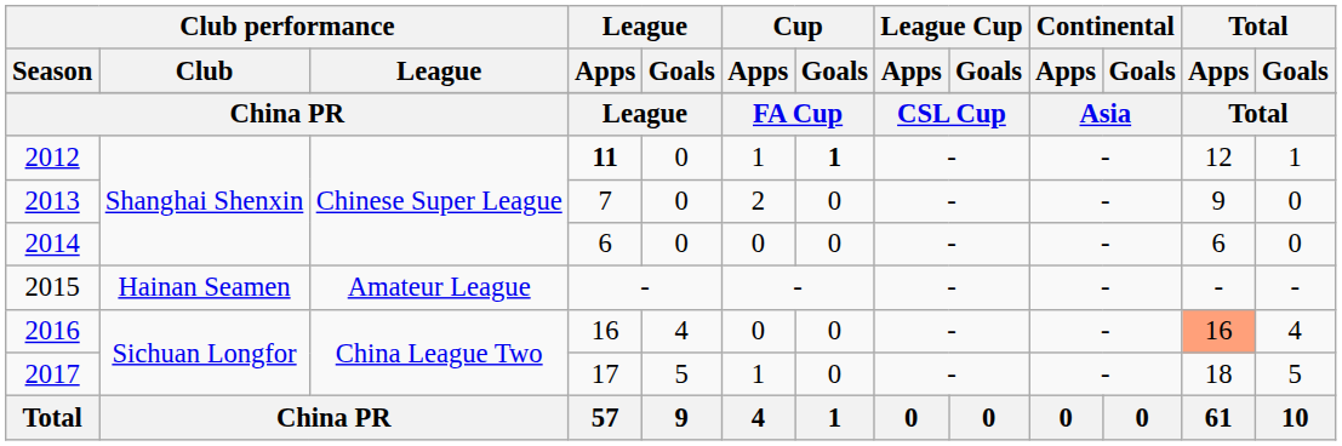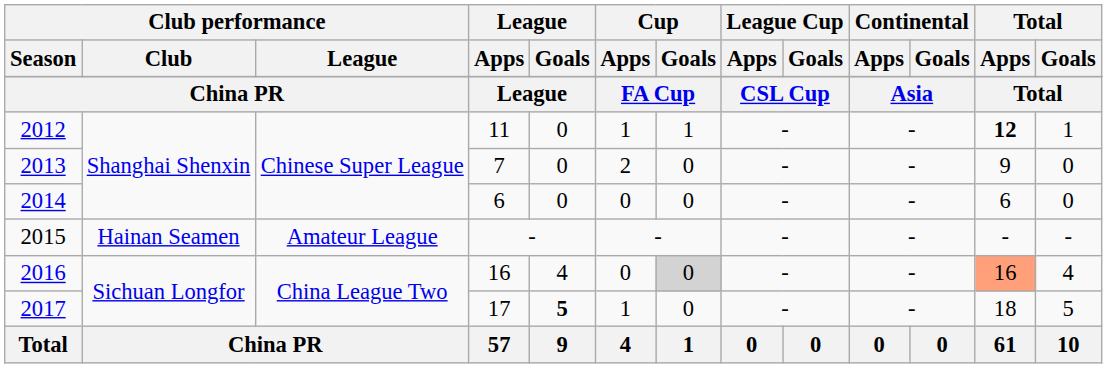 <table class="wikitable" style="text-align:center">
 <tr>
 <th colspan=3>Club performance</th>
 <th colspan=2>League</th>
 <th colspan=2>Cup</th>
 <th colspan=2>League Cup</th>
 <th colspan=2>Continental</th>
 <th colspan=2>Total</th>
 </tr>
 <tr>
 <th>Season</th>
 <th>Club</th>
 <th>League</th>
 <th>Apps</th>
 <th>Goals</th>
 <th>Apps</th>
 <th>Goals</th>
 <th>Apps</th>
 <th>Goals</th>
 <th>Apps</th>
 <th>Goals</th>
 <th>Apps</th>
 <th>Goals</th>
 </tr>
 <tr>
 </tr>
 <tr>
 <th colspan=3>China PR</th>
 <th colspan=2>League</th>
 <th colspan=2><a href='#'>FA Cup</a></th>
 <th colspan=2><a href='#'>CSL Cup</a></th>
 <th colspan=2><a href='#'>Asia</a></th>
 <th colspan=2>Total</th>
 </tr>
 <tr>
 <td><a href='#'>2012</a></td>
 <td rowspan="3"><a href='#'>Shanghai Shenxin</a></td>
 <td rowspan="3"><a href='#'>Chinese Super League</a></td>
-<td><strong>11</strong></td>
+<td>11</td>
 <td>0</td>
 <td>1</td>
-<td><strong>1</strong></td>
+<td>1</td>
 <td colspan="2">-</td>
 <td colspan="2">-</td>
-<td>12</td>
+<td><strong>12</strong></td>
 <td>1</td>
 </tr>
 <tr>
 <td><a href='#'>2013</a></td>
 <td>7</td>
 <td>0</td>
 <td>2</td>
 <td>0</td>
 <td colspan="2">-</td>
 <td colspan="2">-</td>
 <td>9</td>
 <td>0</td>
 </tr>
 <tr>
 <td><a href='#'>2014</a></td>
 <td>6</td>
 <td>0</td>
 <td>0</td>
 <td>0</td>
 <td colspan="2">-</td>
 <td colspan="2">-</td>
 <td>6</td>
 <td>0</td>
 </tr>
 <tr>
 <td>2015</td>
 <td><a href='#'>Hainan Seamen</a></td>
 <td><a href='#'>Amateur League</a></td>
 <td colspan="2">-</td>
 <td colspan="2">-</td>
 <td colspan="2">-</td>
 <td colspan="2">-</td>
 <td>-</td>
 <td>-</td>
 </tr>
 <tr>
 <td><a href='#'>2016</a></td>
 <td rowspan="2"><a href='#'>Sichuan Longfor</a></td>
 <td rowspan="2"><a href='#'>China League Two</a></td>
 <td>16</td>
 <td>4</td>
 <td>0</td>
-<td>0</td>
+<td style="background: lightgrey;">0</td>
 <td colspan="2">-</td>
 <td colspan="2">-</td>
 <td style="background: lightsalmon;">16</td>
 <td>4</td>
 </tr>
 <tr>
 <td><a href='#'>2017</a></td>
 <td>17</td>
-<td>5</td>
+<td><strong>5</strong></td>
 <td>1</td>
 <td>0</td>
 <td colspan="2">-</td>
 <td colspan="2">-</td>
 <td>18</td>
 <td>5</td>
 </tr>
 <tr>
 <th rowspan=3>Total</th>
 <th colspan=2>China PR</th>
 <th>57</th>
 <th>9</th>
 <th>4</th>
 <th>1</th>
 <th>0</th>
 <th>0</th>
 <th>0</th>
 <th>0</th>
 <th>61</th>
 <th>10</th>
 </tr>
 </table>
